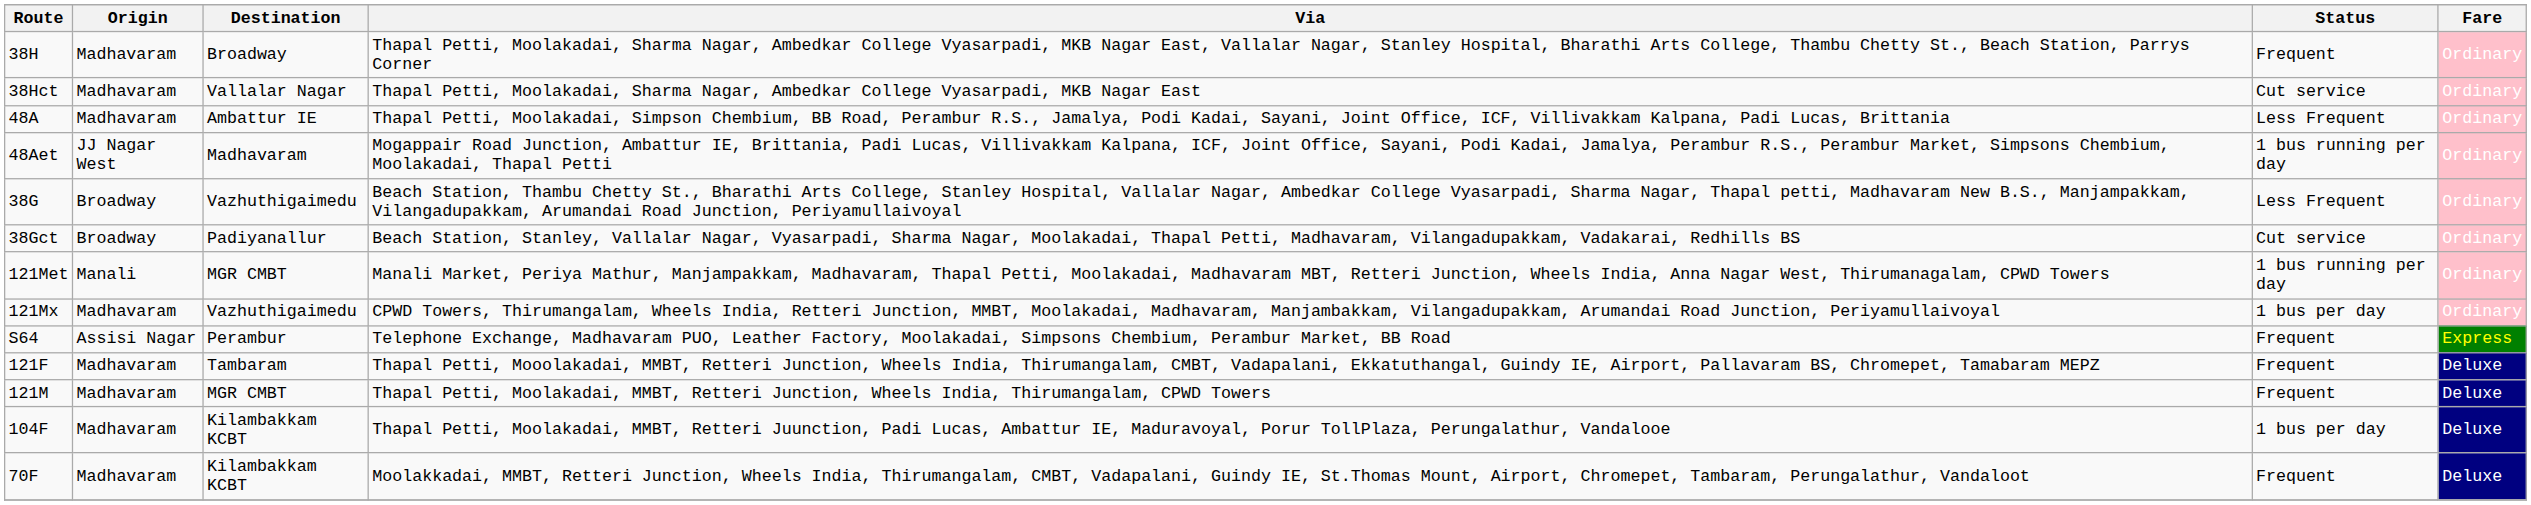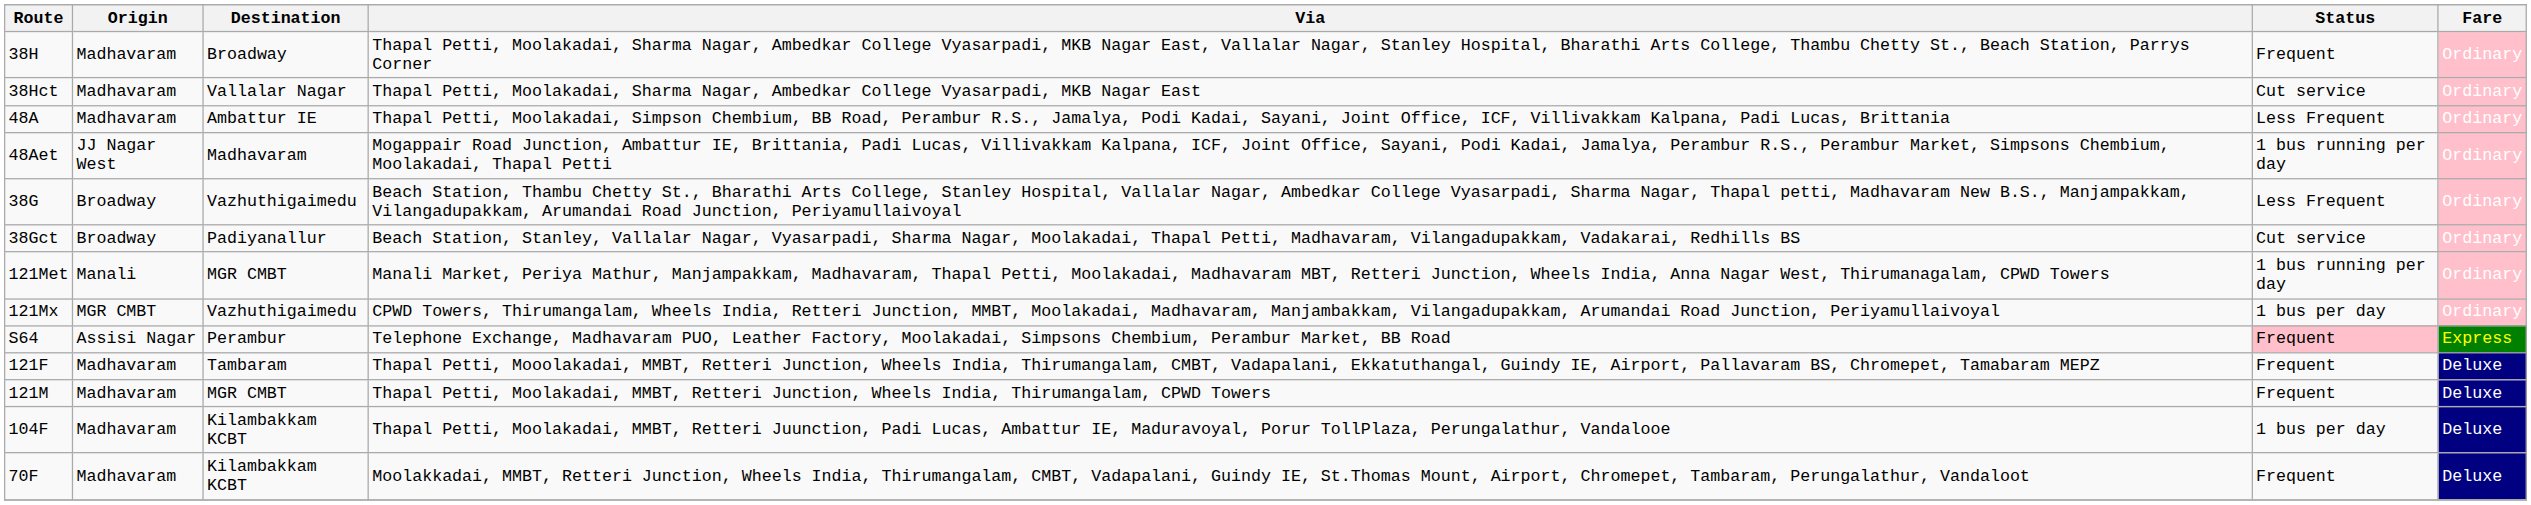 <table class="wikitable sortable collapsable plainrowheaders">
 <tr>
 </tr>
 <tr>
 <th>Route</th>
 <th>Origin</th>
 <th>Destination</th>
 <th>Via</th>
 <th>Status</th>
 <th>Fare</th>
 </tr>
 <tr>
 <td>38H</td>
 <td>Madhavaram</td>
 <td>Broadway</td>
 <td>Thapal Petti, Moolakadai, Sharma Nagar, Ambedkar College Vyasarpadi, MKB Nagar East, Vallalar Nagar, Stanley Hospital, Bharathi Arts College, Thambu Chetty St., Beach Station, Parrys Corner</td>
 <td>Frequent</td>
 <td style="background:pink; color:White">Ordinary</td>
 </tr>
 <tr>
 <td>38Hct</td>
 <td>Madhavaram</td>
 <td>Vallalar Nagar</td>
 <td>Thapal Petti, Moolakadai, Sharma Nagar, Ambedkar College Vyasarpadi, MKB Nagar East</td>
 <td>Cut service</td>
 <td style="background:pink; color:White">Ordinary</td>
 </tr>
 <tr>
 <td>48A</td>
 <td>Madhavaram</td>
 <td>Ambattur IE</td>
 <td>Thapal Petti, Moolakadai, Simpson Chembium, BB Road, Perambur R.S., Jamalya, Podi Kadai, Sayani, Joint Office, ICF, Villivakkam Kalpana, Padi Lucas, Brittania</td>
 <td>Less Frequent</td>
 <td style="background:pink; color:White">Ordinary</td>
 </tr>
 <tr>
 <td>48Aet</td>
 <td>JJ Nagar West</td>
 <td>Madhavaram</td>
 <td>Mogappair Road Junction, Ambattur IE, Brittania, Padi Lucas, Villivakkam Kalpana, ICF, Joint Office, Sayani, Podi Kadai, Jamalya, Perambur R.S., Perambur Market, Simpsons Chembium, Moolakadai, Thapal Petti</td>
 <td>1 bus running per day</td>
 <td style="background:pink; color:White">Ordinary</td>
 </tr>
 <tr>
 <td>38G</td>
 <td>Broadway</td>
 <td>Vazhuthigaimedu</td>
 <td>Beach Station, Thambu Chetty St., Bharathi Arts College, Stanley Hospital, Vallalar Nagar, Ambedkar College Vyasarpadi, Sharma Nagar, Thapal petti, Madhavaram New B.S., Manjampakkam, Vilangadupakkam, Arumandai Road Junction, Periyamullaivoyal</td>
 <td>Less Frequent</td>
 <td style="background:pink; color:White">Ordinary</td>
 </tr>
 <tr>
 <td>38Gct</td>
 <td>Broadway</td>
 <td>Padiyanallur</td>
 <td>Beach Station, Stanley, Vallalar Nagar, Vyasarpadi, Sharma Nagar, Moolakadai, Thapal Petti, Madhavaram, Vilangadupakkam, Vadakarai, Redhills BS</td>
 <td>Cut service</td>
 <td style="background:pink; color:White">Ordinary</td>
 </tr>
 <tr>
 <td>121Met</td>
 <td>Manali</td>
 <td>MGR CMBT</td>
 <td>Manali Market, Periya Mathur, Manjampakkam, Madhavaram, Thapal Petti, Moolakadai, Madhavaram MBT, Retteri Junction, Wheels India, Anna Nagar West, Thirumanagalam, CPWD Towers</td>
 <td>1 bus running per day</td>
 <td style="background:pink; color:White">Ordinary</td>
 </tr>
 <tr>
 <td>121Mx</td>
-<td>Madhavaram</td>
+<td>MGR CMBT</td>
 <td>Vazhuthigaimedu</td>
 <td>CPWD Towers, Thirumangalam, Wheels India, Retteri Junction, MMBT, Moolakadai, Madhavaram, Manjambakkam, Vilangadupakkam, Arumandai Road Junction, Periyamullaivoyal</td>
 <td>1 bus per day</td>
 <td style="background:pink; color:White">Ordinary</td>
 </tr>
 <tr>
 <td>S64</td>
 <td>Assisi Nagar</td>
 <td>Perambur</td>
 <td>Telephone Exchange, Madhavaram PUO, Leather Factory, Moolakadai, Simpsons Chembium, Perambur Market, BB Road</td>
-<td>Frequent</td>
+<td style="background: pink;">Frequent</td>
 <td style="background:green; color:yellow">Express</td>
 </tr>
 <tr>
 <td>121F</td>
 <td>Madhavaram</td>
 <td>Tambaram</td>
 <td>Thapal Petti, Mooolakadai, MMBT, Retteri Junction, Wheels India, Thirumangalam, CMBT, Vadapalani, Ekkatuthangal, Guindy IE, Airport, Pallavaram BS, Chromepet, Tamabaram MEPZ</td>
 <td>Frequent</td>
 <td style="background:navy; color:white">Deluxe</td>
 </tr>
 <tr>
 <td>121M</td>
 <td>Madhavaram</td>
 <td>MGR CMBT</td>
 <td>Thapal Petti, Moolakadai, MMBT, Retteri Junction, Wheels India, Thirumangalam, CPWD Towers</td>
 <td>Frequent</td>
 <td style="background:navy; color:white">Deluxe</td>
 </tr>
 <tr>
 <td>104F</td>
 <td>Madhavaram</td>
 <td>Kilambakkam KCBT</td>
 <td>Thapal Petti, Moolakadai, MMBT, Retteri Juunction, Padi Lucas, Ambattur IE, Maduravoyal, Porur TollPlaza, Perungalathur, Vandalooe</td>
 <td>1 bus per day</td>
 <td style="background:navy; color:white">Deluxe</td>
 </tr>
 <tr>
 <td>70F</td>
 <td>Madhavaram</td>
 <td>Kilambakkam KCBT</td>
 <td>Moolakkadai, MMBT, Retteri Junction, Wheels India, Thirumangalam, CMBT, Vadapalani, Guindy IE, St.Thomas Mount, Airport, Chromepet, Tambaram, Perungalathur, Vandaloot</td>
 <td>Frequent</td>
 <td style="background:navy; color:white">Deluxe</td>
 </tr>
 <tr>
 </tr>
 </table>
